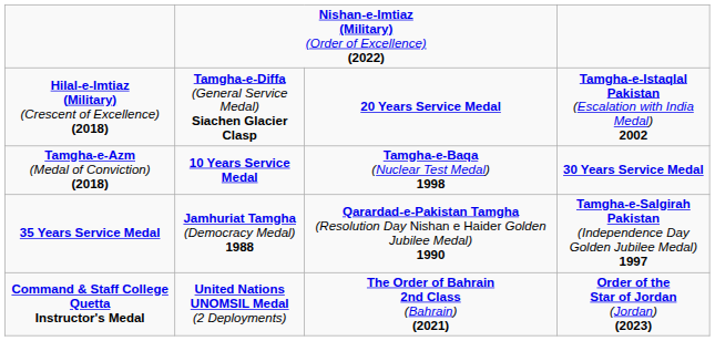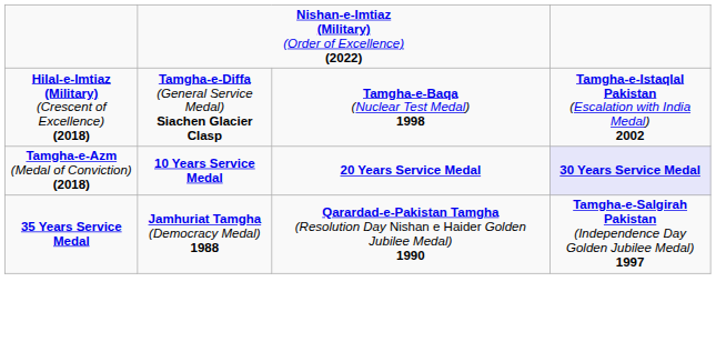 <table class="wikitable" style="margin:1em auto; text-align:center;">
 <tr>
 <td></td>
 <td colspan="2"><strong><a href='#'>Nishan-e-Imtiaz</a></strong><br><a href='#'><strong>(Military)</strong></a><br><a href='#'><em>(Order of Excellence)</em></a><br><strong>(2022)</strong></td>
 <td></td>
 </tr>
 <tr>
 <td colspan="1"><strong><a href='#'>Hilal-e-Imtiaz</a></strong><br><strong><a href='#'>(Military)</a></strong><br><em>(Crescent of Excellence)</em><br><strong>(2018)</strong></td>
 <td><strong><a href='#'>Tamgha-e-Diffa</a></strong><br><em>(General Service Medal)</em><br><strong>Siachen Glacier Clasp</strong></td>
-<td><strong><a href='#'>20 Years Service Medal</a></strong></td>
+<td><strong><a href='#'>Tamgha-e-Baqa</a></strong><br><em>(<a href='#'>Nuclear Test Medal</a>)</em><br><strong>1998</strong></td>
 <td><strong><a href='#'>Tamgha-e-Istaqlal Pakistan</a></strong><br><em>(<a href='#'>Escalation with India Medal</a>)</em><br><strong>2002</strong></td>
 </tr>
 <tr>
 <td><strong><a href='#'>Tamgha-e-Azm</a></strong><br><em>(Medal of Conviction)</em><br><strong>(2018)</strong></td>
 <td><strong><a href='#'>10 Years Service Medal</a></strong></td>
-<td><strong><a href='#'>Tamgha-e-Baqa</a></strong><br><em>(<a href='#'>Nuclear Test Medal</a>)</em><br><strong>1998</strong></td>
-<td><strong><a href='#'>30 Years Service Medal</a></strong></td>
+<td><strong><a href='#'>20 Years Service Medal</a></strong></td>
+<td style="background: lavender;"><strong><a href='#'>30 Years Service Medal</a></strong></td>
 </tr>
 <tr>
 <td><strong><a href='#'>35 Years Service Medal</a></strong></td>
 <td><strong><a href='#'>Jamhuriat Tamgha</a></strong><br><em>(Democracy Medal)</em><br><strong>1988</strong></td>
 <td><strong><a href='#'>Qarardad-e-Pakistan Tamgha</a></strong><br><em>(Resolution Day</em> Nishan e Haider <em>Golden Jubilee Medal)</em><br><strong>1990</strong></td>
 <td><strong><a href='#'>Tamgha-e-Salgirah Pakistan</a></strong><br><em>(Independence Day</em><br><em>Golden Jubilee Medal)</em><br><strong>1997</strong></td>
 </tr>
-<tr>
-<td><strong><a href='#'>Command & Staff College Quetta</a></strong><br><strong>Instructor's Medal</strong></td>
-<td><strong><a href='#'>United Nations</a></strong><br><a href='#'><strong>UNOMSIL Medal</strong></a><br><em>(2 Deployments)</em></td>
-<td><a href='#'><strong>The Order of Bahrain</strong></a><br><a href='#'><strong>2nd Class</strong></a><br><em>(<a href='#'>Bahrain</a>)</em><br><strong>(2021)</strong></td>
-<td><a href='#'><strong>Order of the</strong></a><br><a href='#'><strong>Star of Jordan</strong></a><br><em>(<a href='#'>Jordan</a>)</em><br><strong>(2023)</strong></td>
-</tr>
 </table>
